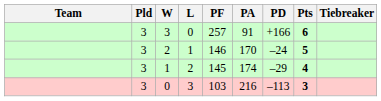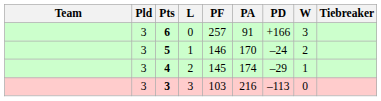 <table class="wikitable" style="text-align:center;">
 <tr>
 <th width=170>Team</th>
 <th width=25>Pld</th>
-<th width=25>W</th>
+<th width=25>Pts</th>
 <th width=25>L</th>
 <th width=35>PF</th>
 <th width=35>PA</th>
 <th width=35>PD</th>
-<th width=25>Pts</th>
+<th width=25>W</th>
 <th width=50>Tiebreaker</th>
 </tr>
 <tr bgcolor=ccffcc>
 <td align="left"></td>
 <td>3</td>
-<td>3</td>
+<td><strong>6</strong></td>
 <td>0</td>
 <td>257</td>
 <td>91</td>
 <td>+166</td>
-<td><strong>6</strong></td>
+<td>3</td>
 <td></td>
 </tr>
 <tr bgcolor=ccffcc>
 <td align="left"></td>
 <td>3</td>
-<td>2</td>
+<td><strong>5</strong></td>
 <td>1</td>
 <td>146</td>
 <td>170</td>
 <td>–24</td>
-<td><strong>5</strong></td>
+<td>2</td>
 <td></td>
 </tr>
 <tr bgcolor=ccffcc>
 <td align="left"></td>
 <td>3</td>
-<td>1</td>
+<td><strong>4</strong></td>
 <td>2</td>
 <td>145</td>
 <td>174</td>
 <td>–29</td>
-<td><strong>4</strong></td>
+<td>1</td>
 <td></td>
 </tr>
 <tr bgcolor=ffcccc>
 <td align="left"></td>
 <td>3</td>
-<td>0</td>
+<td><strong>3</strong></td>
 <td>3</td>
 <td>103</td>
 <td>216</td>
 <td>–113</td>
-<td><strong>3</strong></td>
+<td>0</td>
 <td></td>
 </tr>
 </table>
